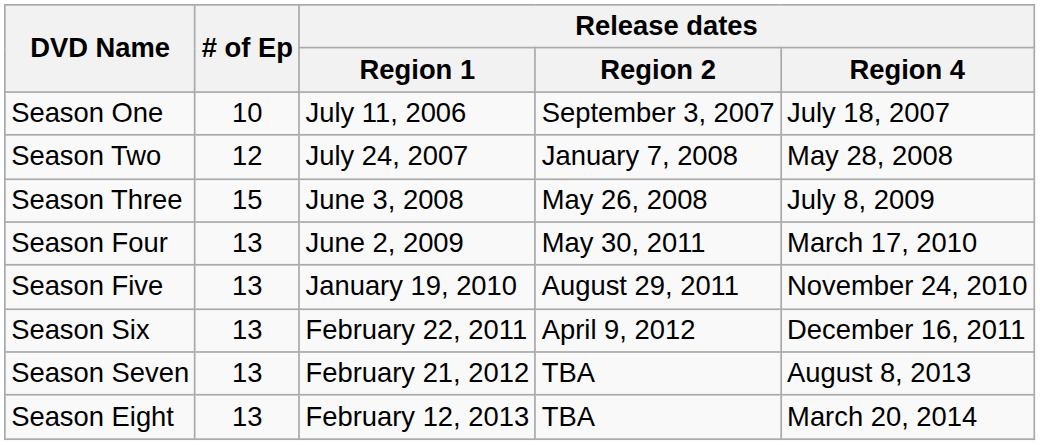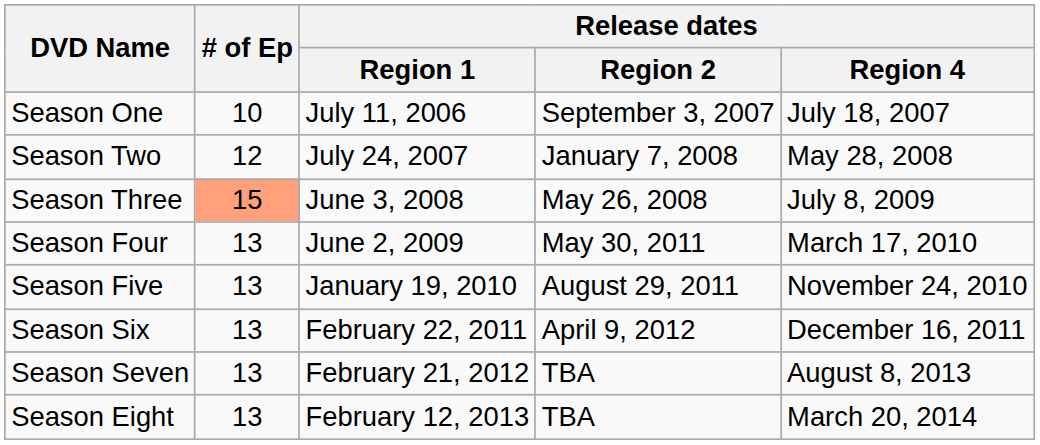 <table class="wikitable">
 <tr>
 <th rowspan="2">DVD Name</th>
 <th rowspan="2"># of Ep</th>
 <th colspan="3">Release dates</th>
 </tr>
 <tr>
 <th>Region 1</th>
 <th>Region 2</th>
 <th>Region 4</th>
 </tr>
 <tr>
 <td>Season One</td>
 <td style="text-align:center;">10</td>
 <td>July 11, 2006</td>
 <td>September 3, 2007</td>
 <td>July 18, 2007</td>
 </tr>
 <tr>
 <td>Season Two</td>
 <td style="text-align:center;">12</td>
 <td>July 24, 2007</td>
 <td>January 7, 2008</td>
 <td>May 28, 2008</td>
 </tr>
 <tr>
 <td>Season Three</td>
-<td style="text-align:center;">15</td>
+<td style="background: lightsalmon; text-align:center;">15</td>
 <td>June 3, 2008</td>
 <td>May 26, 2008</td>
 <td>July 8, 2009</td>
 </tr>
 <tr>
 <td>Season Four</td>
 <td style="text-align:center;">13</td>
 <td>June 2, 2009</td>
 <td>May 30, 2011</td>
 <td>March 17, 2010</td>
 </tr>
 <tr>
 <td>Season Five</td>
 <td style="text-align:center;">13</td>
 <td>January 19, 2010</td>
 <td>August 29, 2011</td>
 <td>November 24, 2010</td>
 </tr>
 <tr>
 <td>Season Six</td>
 <td style="text-align:center;">13</td>
 <td>February 22, 2011</td>
 <td>April 9, 2012</td>
 <td>December 16, 2011</td>
 </tr>
 <tr>
 <td>Season Seven</td>
 <td style="text-align:center;">13</td>
 <td>February 21, 2012</td>
 <td>TBA</td>
 <td>August 8, 2013</td>
 </tr>
 <tr>
 <td>Season Eight</td>
 <td style="text-align:center;">13</td>
 <td>February 12, 2013</td>
 <td>TBA</td>
 <td>March 20, 2014</td>
 </tr>
 </table>
